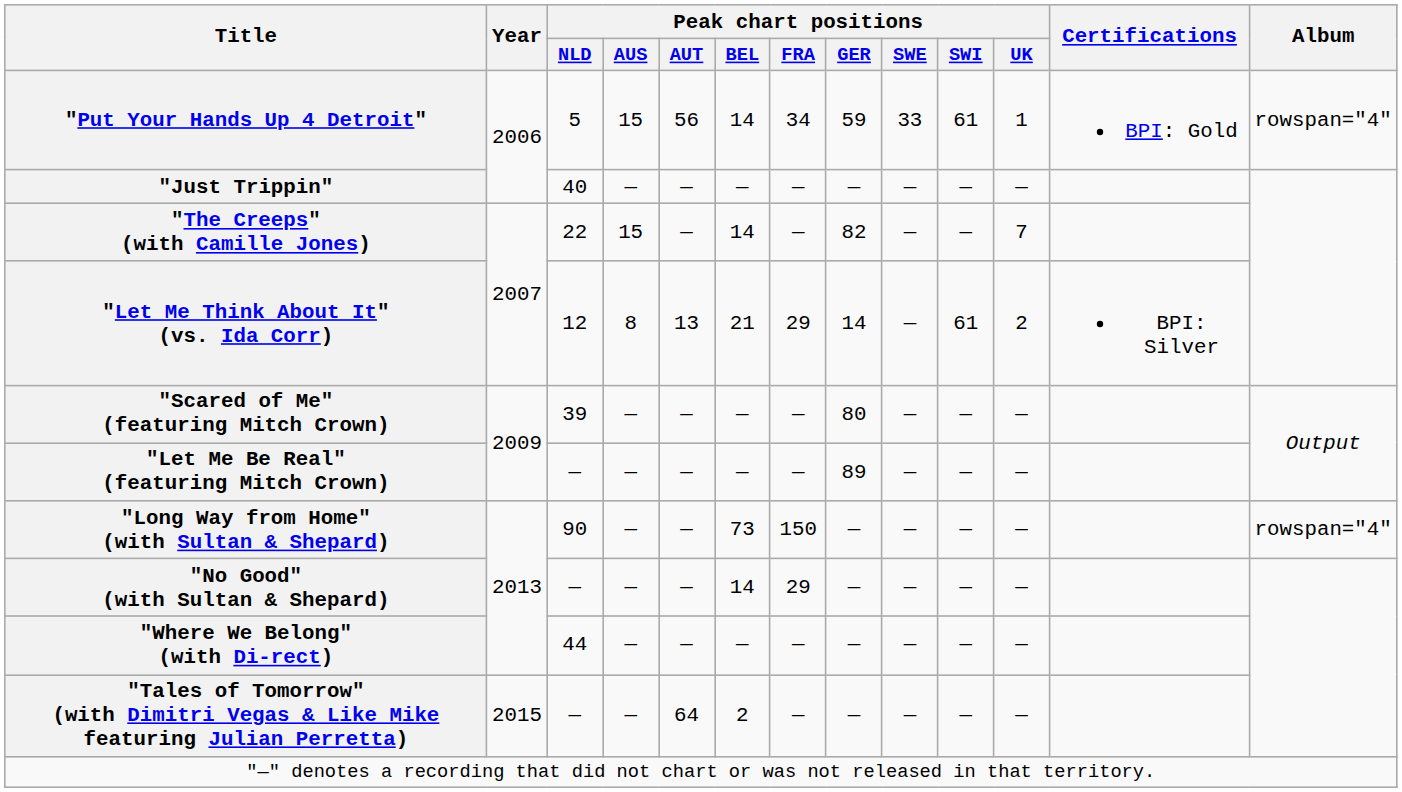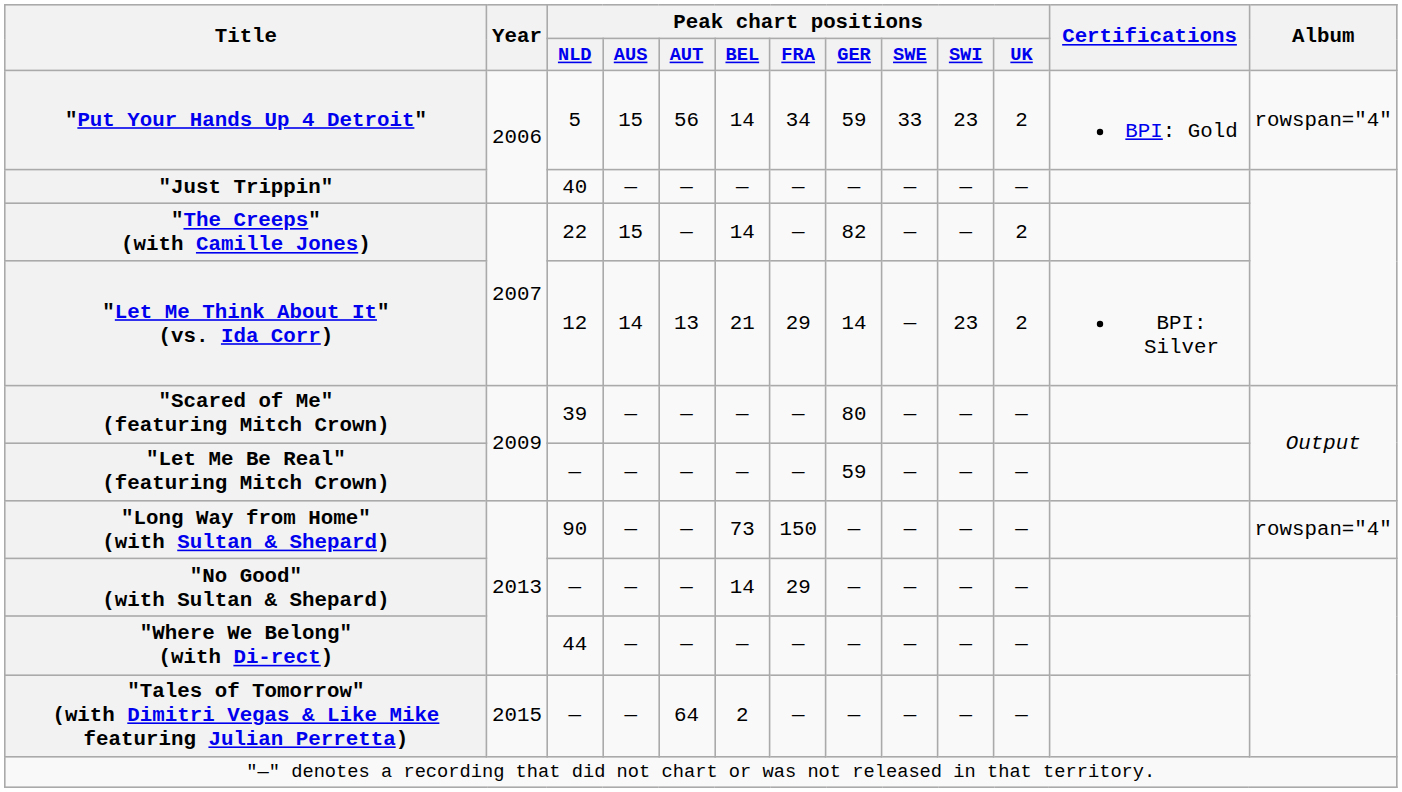 <table class="wikitable plainrowheaders" style="text-align:center;" border="1">
 <tr>
 <th scope="col" rowspan="2">Title</th>
 <th scope="col" rowspan="2">Year</th>
 <th scope="col" colspan="9">Peak chart positions</th>
 <th scope="col" rowspan="2"><a href='#'>Certifications</a></th>
 <th scope="col" rowspan="2">Album</th>
 </tr>
 <tr>
 <th scope="col" style="width:2.5em;font-size:90%;"><a href='#'>NLD</a><br></th>
 <th scope="col" style="width:2.5em;font-size:90%;"><a href='#'>AUS</a><br></th>
 <th scope="col" style="width:2.5em;font-size:90%;"><a href='#'>AUT</a><br></th>
 <th scope="col" style="width:2.5em;font-size:90%;"><a href='#'>BEL</a><br></th>
 <th scope="col" style="width:2.5em;font-size:90%;"><a href='#'>FRA</a><br></th>
 <th scope="col" style="width:2.5em;font-size:90%;"><a href='#'>GER</a><br></th>
 <th scope="col" style="width:2.5em;font-size:90%;"><a href='#'>SWE</a><br></th>
 <th scope="col" style="width:2.5em;font-size:90%;"><a href='#'>SWI</a><br></th>
 <th scope="col" style="width:2.5em;font-size:90%;"><a href='#'>UK</a><br></th>
 </tr>
 <tr>
 <th scope="row">"<a href='#'>Put Your Hands Up 4 Detroit</a>"</th>
 <td rowspan="2">2006</td>
 <td>5</td>
 <td>15</td>
 <td>56</td>
 <td>14</td>
 <td>34</td>
 <td>59</td>
 <td>33</td>
-<td>61</td>
-<td>1</td>
+<td>23</td>
+<td>2</td>
 <td><br><ul><li><a href='#'>BPI</a>: Gold</li></ul></td>
 <td>rowspan="4" </td>
 </tr>
 <tr>
 <th scope="row">"Just Trippin"</th>
 <td>40</td>
 <td>—</td>
 <td>—</td>
 <td>—</td>
 <td>—</td>
 <td>—</td>
 <td>—</td>
 <td>—</td>
 <td>—</td>
 <td></td>
 </tr>
 <tr>
 <th scope="row">"<a href='#'>The Creeps</a>"<br><span>(with <a href='#'>Camille Jones</a>)</span></th>
 <td rowspan="2">2007</td>
 <td>22</td>
 <td>15</td>
 <td>—</td>
 <td>14</td>
 <td>—</td>
 <td>82</td>
 <td>—</td>
 <td>—</td>
-<td>7</td>
+<td>2</td>
 <td></td>
 </tr>
 <tr>
 <th scope="row">"<a href='#'>Let Me Think About It</a>"<br><span>(vs. <a href='#'>Ida Corr</a>)</span></th>
 <td>12</td>
-<td>8</td>
+<td>14</td>
 <td>13</td>
 <td>21</td>
 <td>29</td>
 <td>14</td>
 <td>—</td>
-<td>61</td>
+<td>23</td>
 <td>2</td>
 <td><br><ul><li>BPI: Silver</li></ul></td>
 </tr>
 <tr>
 <th scope="row">"Scared of Me"<br><span>(featuring Mitch Crown)</span></th>
 <td rowspan="2">2009</td>
 <td>39</td>
 <td>—</td>
 <td>—</td>
 <td>—</td>
 <td>—</td>
 <td>80</td>
 <td>—</td>
 <td>—</td>
 <td>—</td>
 <td></td>
 <td rowspan="2"><em>Output</em></td>
 </tr>
 <tr>
 <th scope="row">"Let Me Be Real"<br><span>(featuring Mitch Crown)</span></th>
 <td>—</td>
 <td>—</td>
 <td>—</td>
 <td>—</td>
 <td>—</td>
-<td>89</td>
+<td>59</td>
 <td>—</td>
 <td>—</td>
 <td>—</td>
 <td></td>
 </tr>
 <tr>
 <th scope="row">"Long Way from Home"<br><span>(with <a href='#'>Sultan & Shepard</a>)</span></th>
 <td rowspan="3">2013</td>
 <td>90</td>
 <td>—</td>
 <td>—</td>
 <td>73</td>
 <td>150</td>
 <td>—</td>
 <td>—</td>
 <td>—</td>
 <td>—</td>
 <td></td>
 <td>rowspan="4" </td>
 </tr>
 <tr>
 <th scope="row">"No Good"<br><span>(with Sultan & Shepard)</span></th>
 <td>—</td>
 <td>—</td>
 <td>—</td>
 <td>14</td>
 <td>29</td>
 <td>—</td>
 <td>—</td>
 <td>—</td>
 <td>—</td>
 <td></td>
 </tr>
 <tr>
 <th scope="row">"Where We Belong"<br><span>(with <a href='#'>Di-rect</a>)</span></th>
 <td>44</td>
 <td>—</td>
 <td>—</td>
 <td>—</td>
 <td>—</td>
 <td>—</td>
 <td>—</td>
 <td>—</td>
 <td>—</td>
 <td></td>
 </tr>
 <tr>
 <th scope="row">"Tales of Tomorrow"<br><span>(with <a href='#'>Dimitri Vegas & Like Mike</a> featuring <a href='#'>Julian Perretta</a>)</span></th>
 <td>2015</td>
 <td>—</td>
 <td>—</td>
 <td>64</td>
 <td>2</td>
 <td>—</td>
 <td>—</td>
 <td>—</td>
 <td>—</td>
 <td>—</td>
 <td></td>
 </tr>
 <tr>
 <td colspan="13" style="font-size:90%">"—" denotes a recording that did not chart or was not released in that territory.</td>
 </tr>
 </table>
